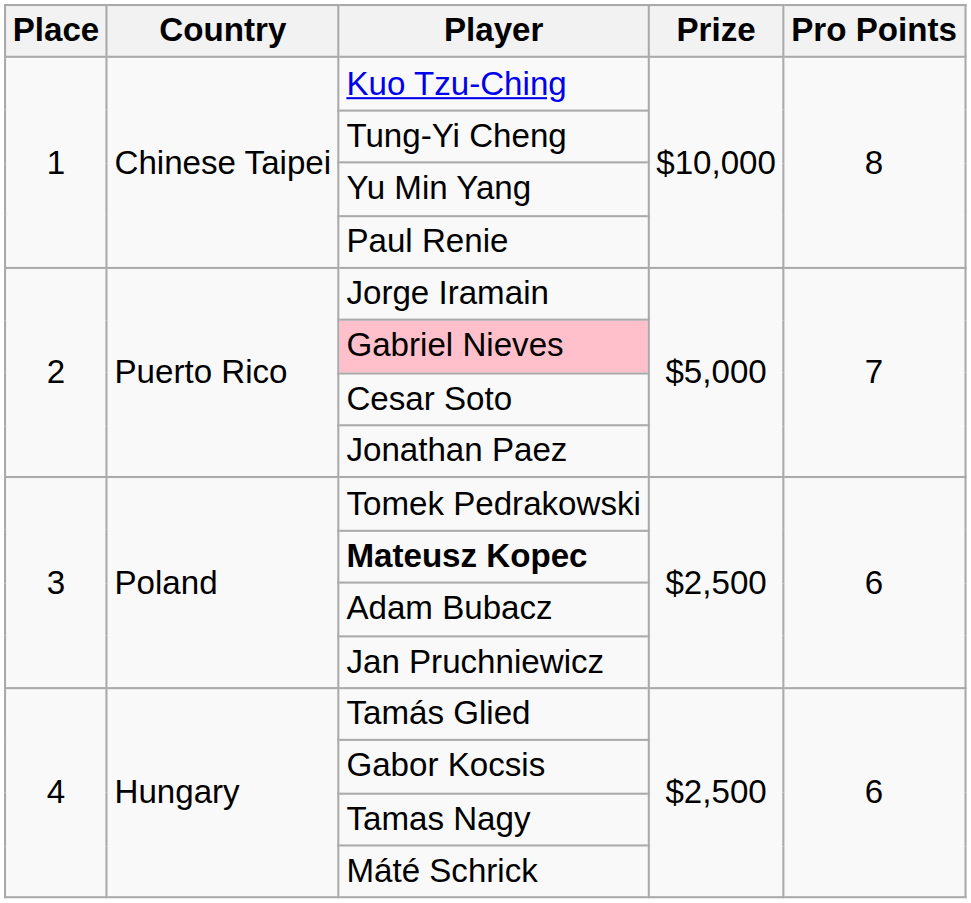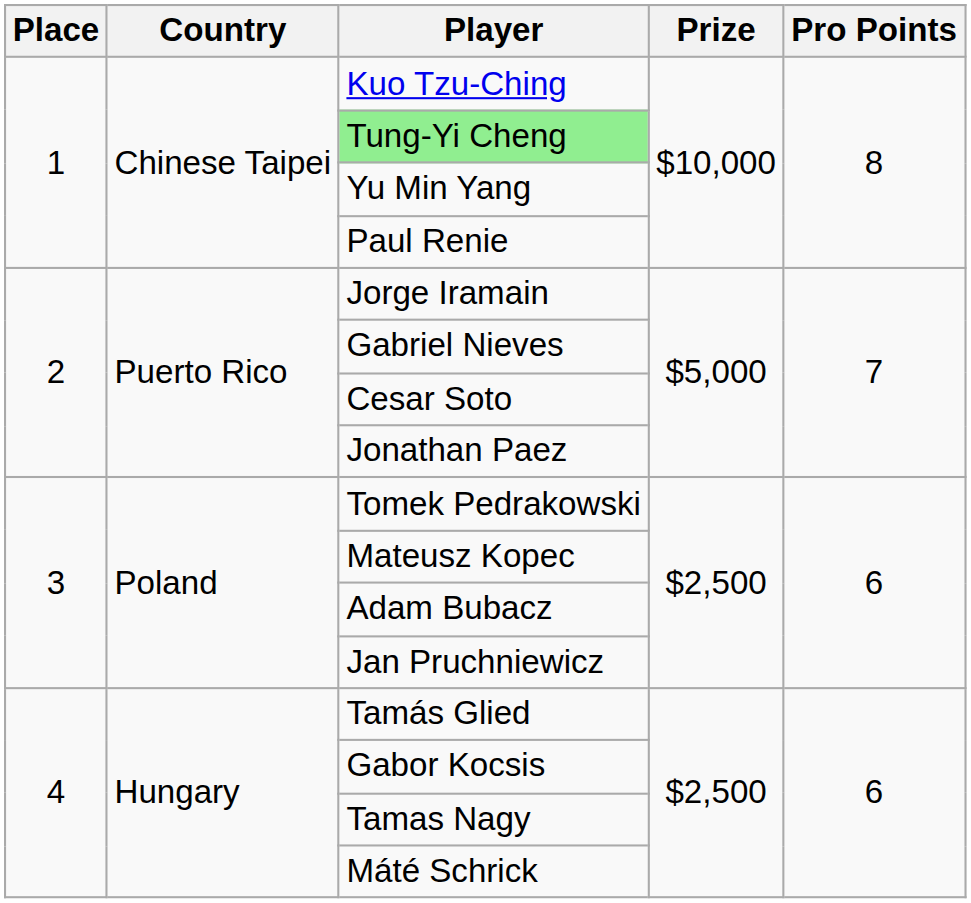 <table class="wikitable">
 <tr>
 <th>Place</th>
 <th>Country</th>
 <th>Player</th>
 <th>Prize</th>
 <th>Pro Points</th>
 </tr>
 <tr>
 <td rowspan="4" align=center>1</td>
 <td rowspan="4"> Chinese Taipei</td>
 <td><a href='#'>Kuo Tzu-Ching</a></td>
 <td rowspan="4" align=center>$10,000</td>
 <td rowspan="4" align=center>8</td>
 </tr>
 <tr>
-<td>Tung-Yi Cheng</td>
+<td style="background: lightgreen;">Tung-Yi Cheng</td>
 </tr>
 <tr>
 <td>Yu Min Yang</td>
 </tr>
 <tr>
 <td>Paul Renie</td>
 </tr>
 <tr>
 <td rowspan="4" align=center>2</td>
 <td rowspan="4"> Puerto Rico</td>
 <td>Jorge Iramain</td>
 <td rowspan="4" align=center>$5,000</td>
 <td rowspan="4" align=center>7</td>
 </tr>
 <tr>
-<td style="background: pink;">Gabriel Nieves</td>
+<td>Gabriel Nieves</td>
 </tr>
 <tr>
 <td>Cesar Soto</td>
 </tr>
 <tr>
 <td>Jonathan Paez</td>
 </tr>
 <tr>
 <td rowspan="4" align=center>3</td>
 <td rowspan="4"> Poland</td>
 <td>Tomek Pedrakowski</td>
 <td rowspan="4" align=center>$2,500</td>
 <td rowspan="4" align=center>6</td>
 </tr>
 <tr>
-<td><strong>Mateusz Kopec</strong></td>
+<td>Mateusz Kopec</td>
 </tr>
 <tr>
 <td>Adam Bubacz</td>
 </tr>
 <tr>
 <td>Jan Pruchniewicz</td>
 </tr>
 <tr>
 <td rowspan="4" align=center>4</td>
 <td rowspan="4"> Hungary</td>
 <td>Tamás Glied</td>
 <td rowspan="4" align=center>$2,500</td>
 <td rowspan="4" align=center>6</td>
 </tr>
 <tr>
 <td>Gabor Kocsis</td>
 </tr>
 <tr>
 <td>Tamas Nagy</td>
 </tr>
 <tr>
 <td>Máté Schrick</td>
 </tr>
 </table>
